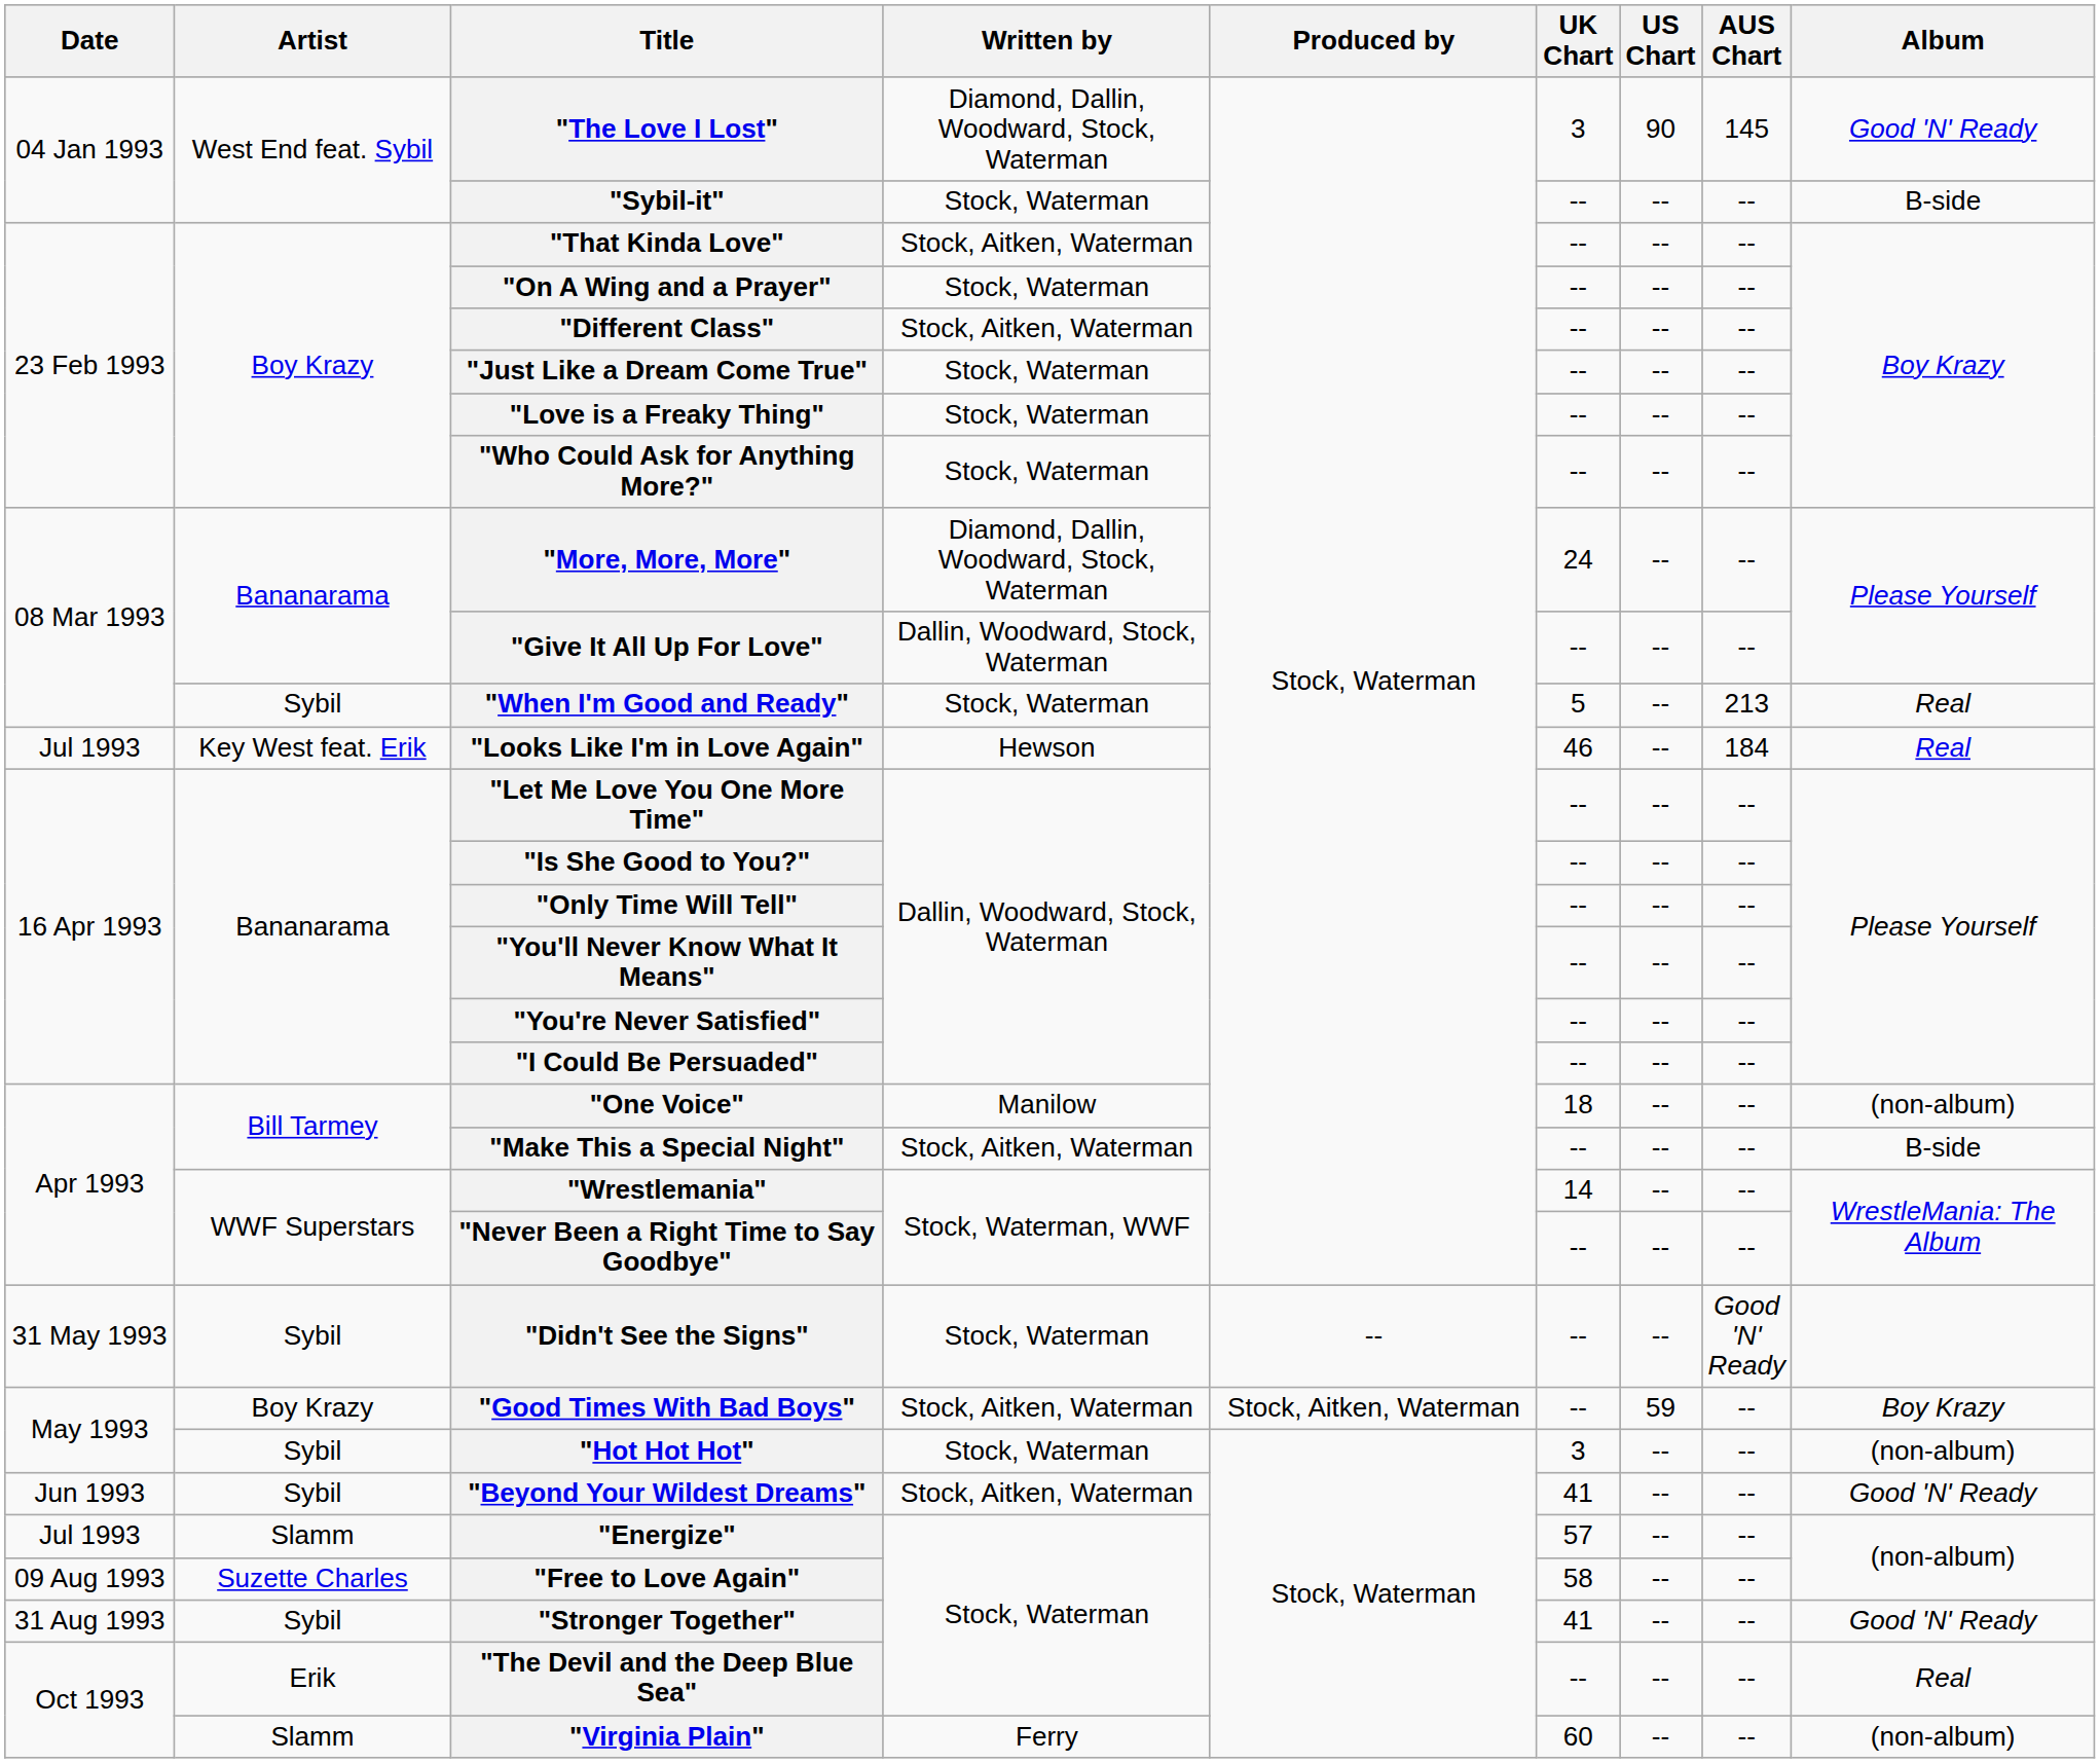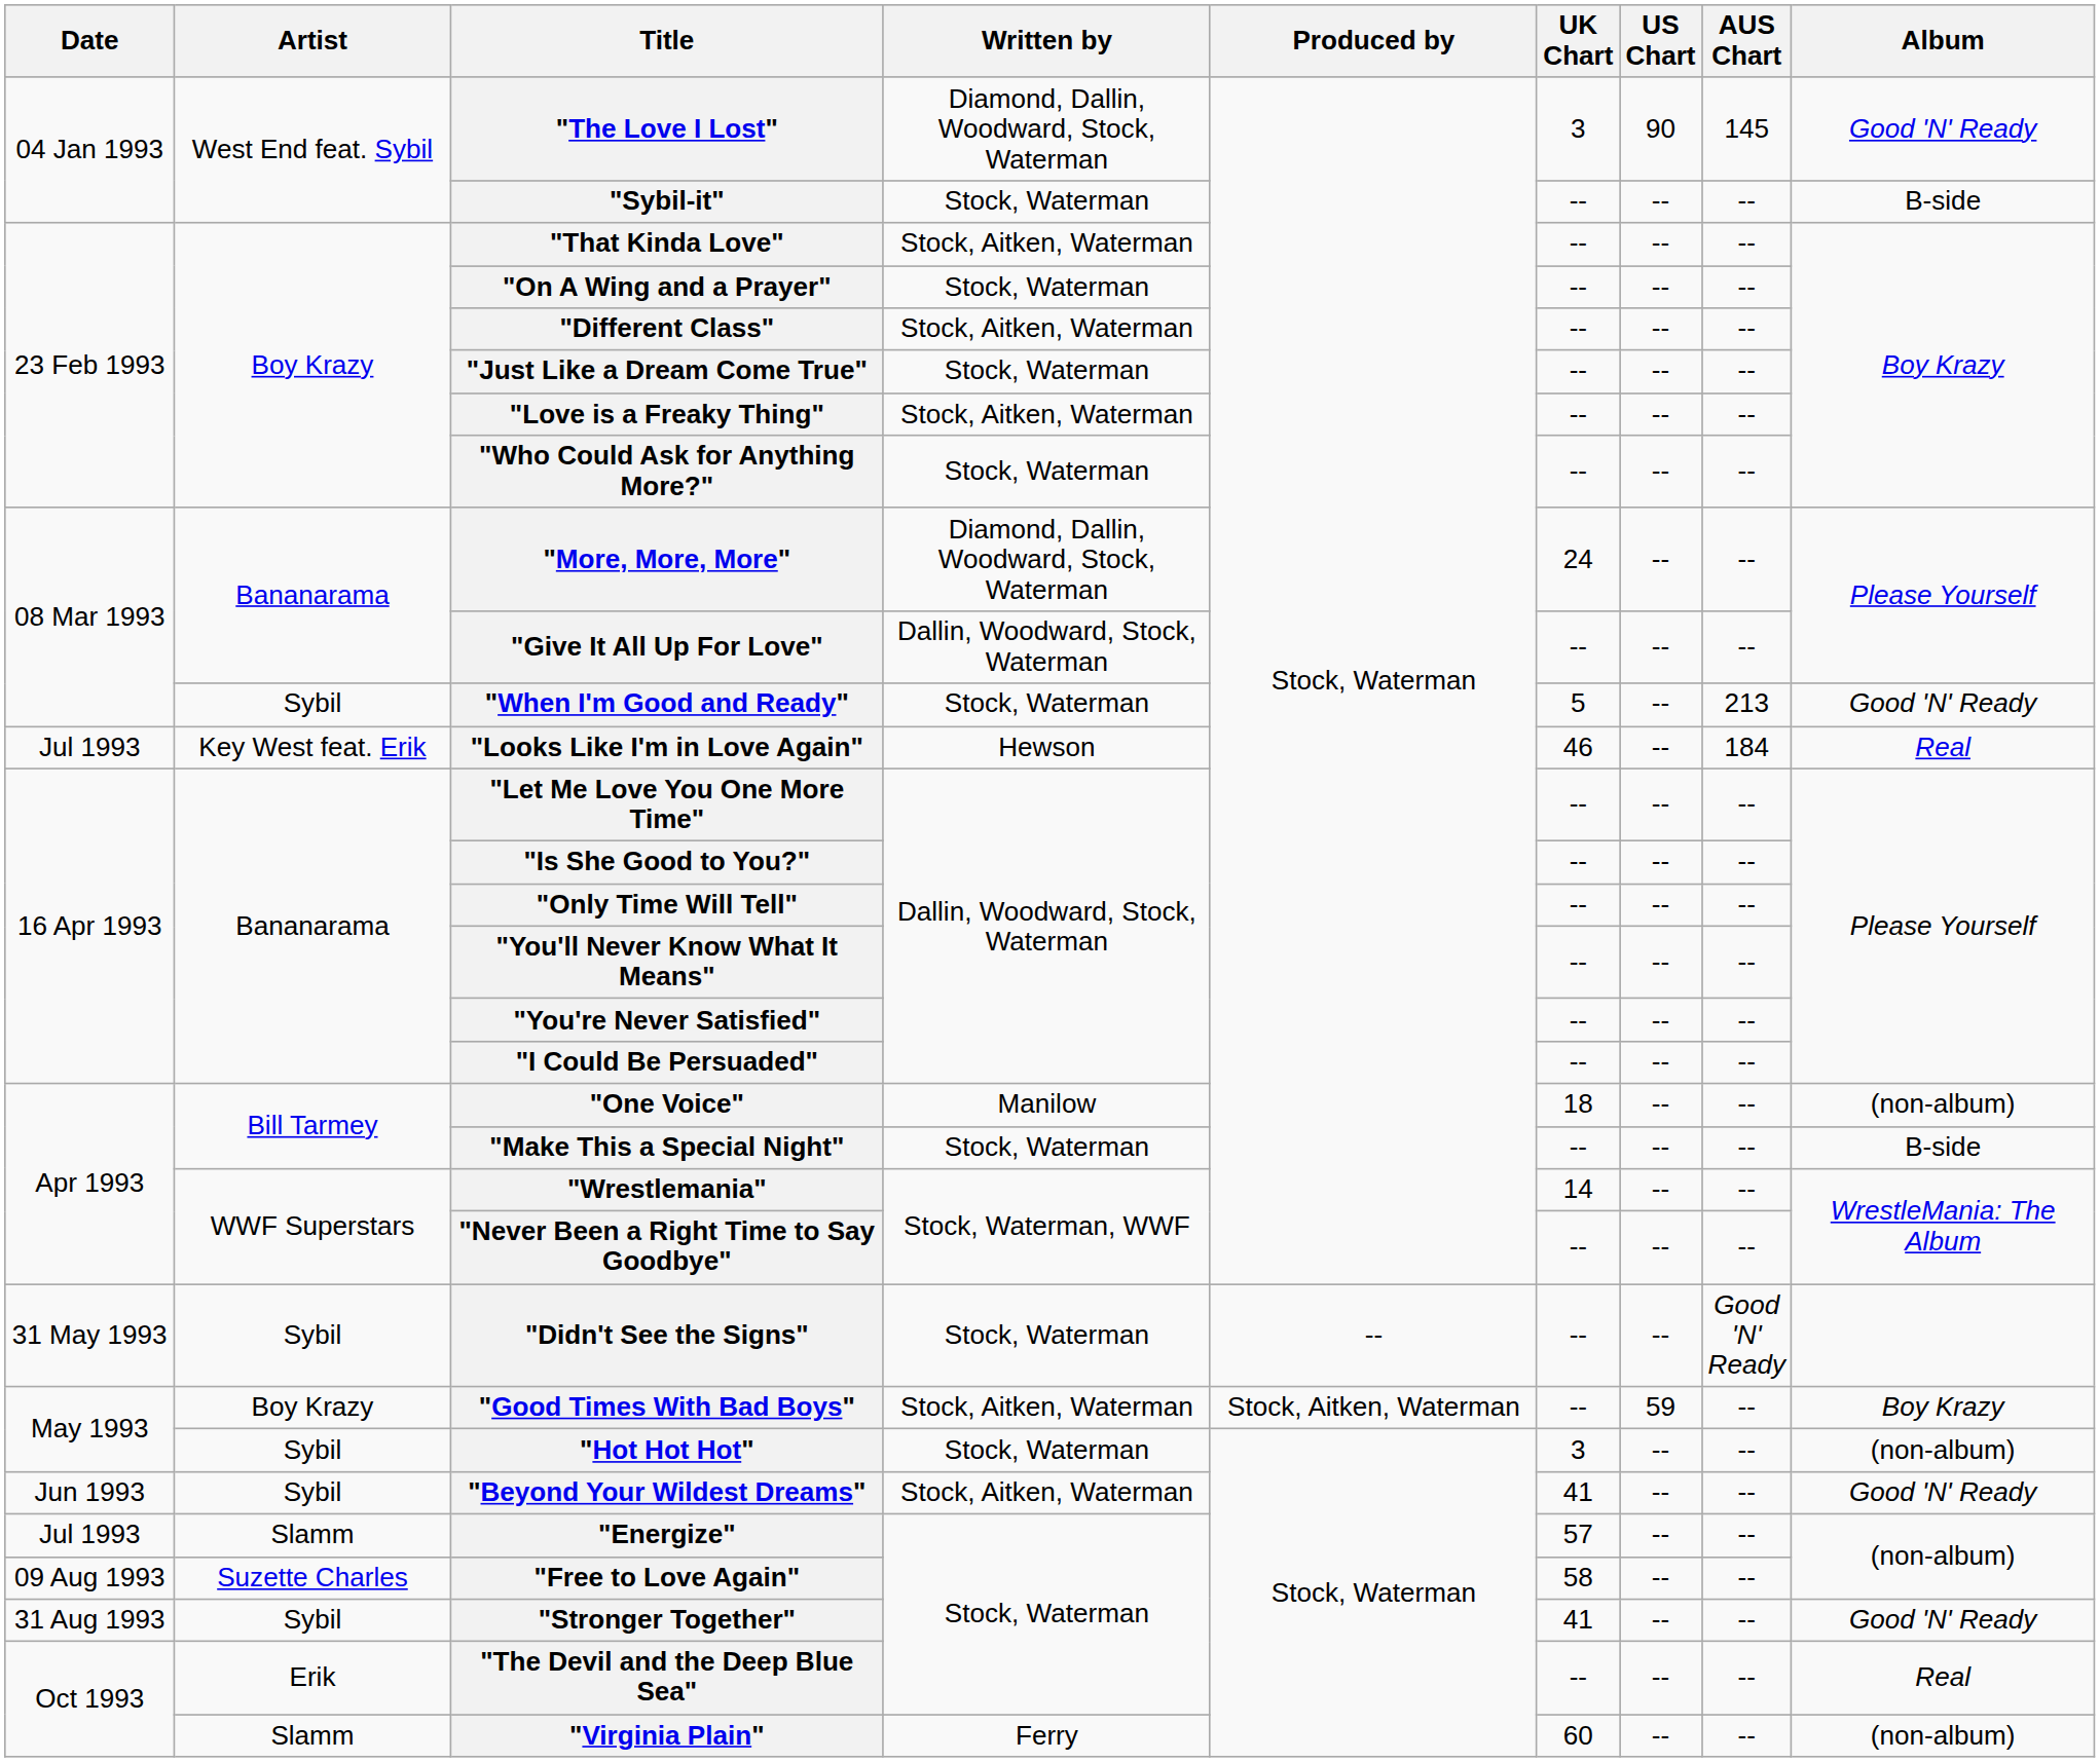 <table class="wikitable plainrowheaders" style="text-align:center;">
 <tr>
 <th scope="col" style="width:6em;">Date</th>
 <th scope="col" style="width:10em;">Artist</th>
 <th scope="col" style="width:16em;">Title</th>
 <th scope="col" style="width:12em;">Written by</th>
 <th scope="col" style="width:12em;">Produced by</th>
 <th scope="col" style="width:1em;">UK Chart</th>
 <th scope="col" style="width:1em;">US Chart</th>
 <th scope="col" style="width:1em;">AUS Chart</th>
 <th scope="col" style="width:11em;">Album</th>
 </tr>
 <tr>
 <td rowspan="2">04 Jan 1993</td>
 <td rowspan="2">West End feat. <a href='#'>Sybil</a></td>
 <th scope="row">"<a href='#'>The Love I Lost</a>"</th>
 <td>Diamond, Dallin, Woodward, Stock, Waterman</td>
 <td rowspan="22">Stock, Waterman</td>
 <td>3</td>
 <td>90</td>
 <td>145</td>
 <td><em><a href='#'>Good 'N' Ready</a></em></td>
 </tr>
 <tr>
 <th scope="row">"Sybil-it"</th>
 <td>Stock, Waterman</td>
 <td>--</td>
 <td>--</td>
 <td>--</td>
 <td>B-side</td>
 </tr>
 <tr>
 <td rowspan="6">23 Feb 1993</td>
 <td rowspan="6"><a href='#'>Boy Krazy</a></td>
 <th scope="row">"That Kinda Love"</th>
 <td>Stock, Aitken, Waterman</td>
 <td>--</td>
 <td>--</td>
 <td>--</td>
 <td rowspan="6"><em><a href='#'>Boy Krazy</a></em></td>
 </tr>
 <tr>
 <th scope="row">"On A Wing and a Prayer"</th>
 <td>Stock, Waterman</td>
 <td>--</td>
 <td>--</td>
 <td>--</td>
 </tr>
 <tr>
 <th scope="row">"Different Class"</th>
 <td>Stock, Aitken, Waterman</td>
 <td>--</td>
 <td>--</td>
 <td>--</td>
 </tr>
 <tr>
 <th scope="row">"Just Like a Dream Come True"</th>
 <td>Stock, Waterman</td>
 <td>--</td>
 <td>--</td>
 <td>--</td>
 </tr>
 <tr>
 <th scope="row">"Love is a Freaky Thing"</th>
-<td>Stock, Waterman</td>
+<td>Stock, Aitken, Waterman</td>
 <td>--</td>
 <td>--</td>
 <td>--</td>
 </tr>
 <tr>
 <th scope="row">"Who Could Ask for Anything More?"</th>
 <td>Stock, Waterman</td>
 <td>--</td>
 <td>--</td>
 <td>--</td>
 </tr>
 <tr>
 <td rowspan="3">08 Mar 1993</td>
 <td rowspan="2"><a href='#'>Bananarama</a></td>
 <th scope="row">"<a href='#'>More, More, More</a>"</th>
 <td>Diamond, Dallin, Woodward, Stock, Waterman</td>
 <td>24</td>
 <td>--</td>
 <td>--</td>
 <td rowspan="2"><em><a href='#'>Please Yourself</a></em></td>
 </tr>
 <tr>
 <th scope="row">"Give It All Up For Love"</th>
 <td>Dallin, Woodward, Stock, Waterman</td>
 <td>--</td>
 <td>--</td>
 <td>--</td>
 </tr>
 <tr>
 <td>Sybil</td>
 <th scope="row">"<a href='#'>When I'm Good and Ready</a>"</th>
 <td>Stock, Waterman</td>
 <td>5</td>
 <td>--</td>
 <td>213</td>
-<td><em>Real</em></td>
+<td><em>Good 'N' Ready</em></td>
 </tr>
 <tr>
 <td>Jul 1993</td>
 <td>Key West feat. <a href='#'>Erik</a></td>
 <th scope="row">"Looks Like I'm in Love Again"</th>
 <td>Hewson</td>
 <td>46</td>
 <td>--</td>
 <td>184</td>
 <td><em><a href='#'>Real</a></em></td>
 </tr>
 <tr>
 <td rowspan="6">16 Apr 1993</td>
 <td rowspan="6">Bananarama</td>
 <th scope="row">"Let Me Love You One More Time"</th>
 <td rowspan="6">Dallin, Woodward, Stock, Waterman</td>
 <td>--</td>
 <td>--</td>
 <td>--</td>
 <td rowspan="6"><em>Please Yourself</em></td>
 </tr>
 <tr>
 <th scope="row">"Is She Good to You?"</th>
 <td>--</td>
 <td>--</td>
 <td>--</td>
 </tr>
 <tr>
 <th scope="row">"Only Time Will Tell"</th>
 <td>--</td>
 <td>--</td>
 <td>--</td>
 </tr>
 <tr>
 <th scope="row">"You'll Never Know What It Means"</th>
 <td>--</td>
 <td>--</td>
 <td>--</td>
 </tr>
 <tr>
 <th scope="row">"You're Never Satisfied"</th>
 <td>--</td>
 <td>--</td>
 <td>--</td>
 </tr>
 <tr>
 <th scope="row">"I Could Be Persuaded"</th>
 <td>--</td>
 <td>--</td>
 <td>--</td>
 </tr>
 <tr>
 <td rowspan="4">Apr 1993</td>
 <td rowspan="2"><a href='#'>Bill Tarmey</a></td>
 <th scope="row">"One Voice"</th>
 <td>Manilow</td>
 <td>18</td>
 <td>--</td>
 <td>--</td>
 <td>(non-album)</td>
 </tr>
 <tr>
 <th scope="row">"Make This a Special Night"</th>
-<td>Stock, Aitken, Waterman</td>
+<td>Stock, Waterman</td>
 <td>--</td>
 <td>--</td>
 <td>--</td>
 <td>B-side</td>
 </tr>
 <tr>
 <td rowspan="2">WWF Superstars</td>
 <th scope="row">"Wrestlemania"</th>
 <td rowspan="2">Stock, Waterman, WWF</td>
 <td>14</td>
 <td>--</td>
 <td>--</td>
 <td rowspan="2"><em><a href='#'>WrestleMania: The Album</a></em></td>
 </tr>
 <tr>
 <th scope="row">"Never Been a Right Time to Say Goodbye"</th>
 <td>--</td>
 <td>--</td>
 <td>--</td>
 </tr>
 <tr>
 <td>31 May 1993</td>
 <td>Sybil</td>
 <th scope="row">"Didn't See the Signs"</th>
 <td>Stock, Waterman</td>
 <td>--</td>
 <td>--</td>
 <td>--</td>
 <td><em>Good 'N' Ready</em></td>
 </tr>
 <tr>
 <td rowspan="2">May 1993</td>
 <td>Boy Krazy</td>
 <th scope="row">"<a href='#'>Good Times With Bad Boys</a>"</th>
 <td>Stock, Aitken, Waterman</td>
 <td>Stock, Aitken, Waterman</td>
 <td>--</td>
 <td>59</td>
 <td>--</td>
 <td><em>Boy Krazy</em></td>
 </tr>
 <tr>
 <td>Sybil</td>
 <th scope="row">"<a href='#'>Hot Hot Hot</a>"</th>
 <td>Stock, Waterman</td>
 <td rowspan="7">Stock, Waterman</td>
 <td>3</td>
 <td>--</td>
 <td>--</td>
 <td>(non-album)</td>
 </tr>
 <tr>
 <td>Jun 1993</td>
 <td>Sybil</td>
 <th scope="row">"<a href='#'>Beyond Your Wildest Dreams</a>"</th>
 <td>Stock, Aitken, Waterman</td>
 <td>41</td>
 <td>--</td>
 <td>--</td>
 <td><em>Good 'N' Ready</em></td>
 </tr>
 <tr>
 <td>Jul 1993</td>
 <td>Slamm</td>
 <th scope="row">"Energize"</th>
 <td rowspan="4”">Stock, Waterman</td>
 <td>57</td>
 <td>--</td>
 <td>--</td>
 <td rowspan="2">(non-album)</td>
 </tr>
 <tr>
 <td>09 Aug 1993</td>
 <td><a href='#'>Suzette Charles</a></td>
 <th scope="row">"Free to Love Again"</th>
 <td>58</td>
 <td>--</td>
 <td>--</td>
 </tr>
 <tr>
 <td>31 Aug 1993</td>
 <td>Sybil</td>
 <th scope="row">"Stronger Together"</th>
 <td>41</td>
 <td>--</td>
 <td>--</td>
 <td><em>Good 'N' Ready</em></td>
 </tr>
 <tr>
 <td rowspan="2">Oct 1993</td>
 <td>Erik</td>
 <th scope="row">"The Devil and the Deep Blue Sea"</th>
 <td>--</td>
 <td>--</td>
 <td>--</td>
 <td><em>Real</em></td>
 </tr>
 <tr>
 <td>Slamm</td>
 <th scope="row">"<a href='#'>Virginia Plain</a>"</th>
 <td>Ferry</td>
 <td>60</td>
 <td>--</td>
 <td>--</td>
 <td>(non-album)</td>
 </tr>
 </table>
